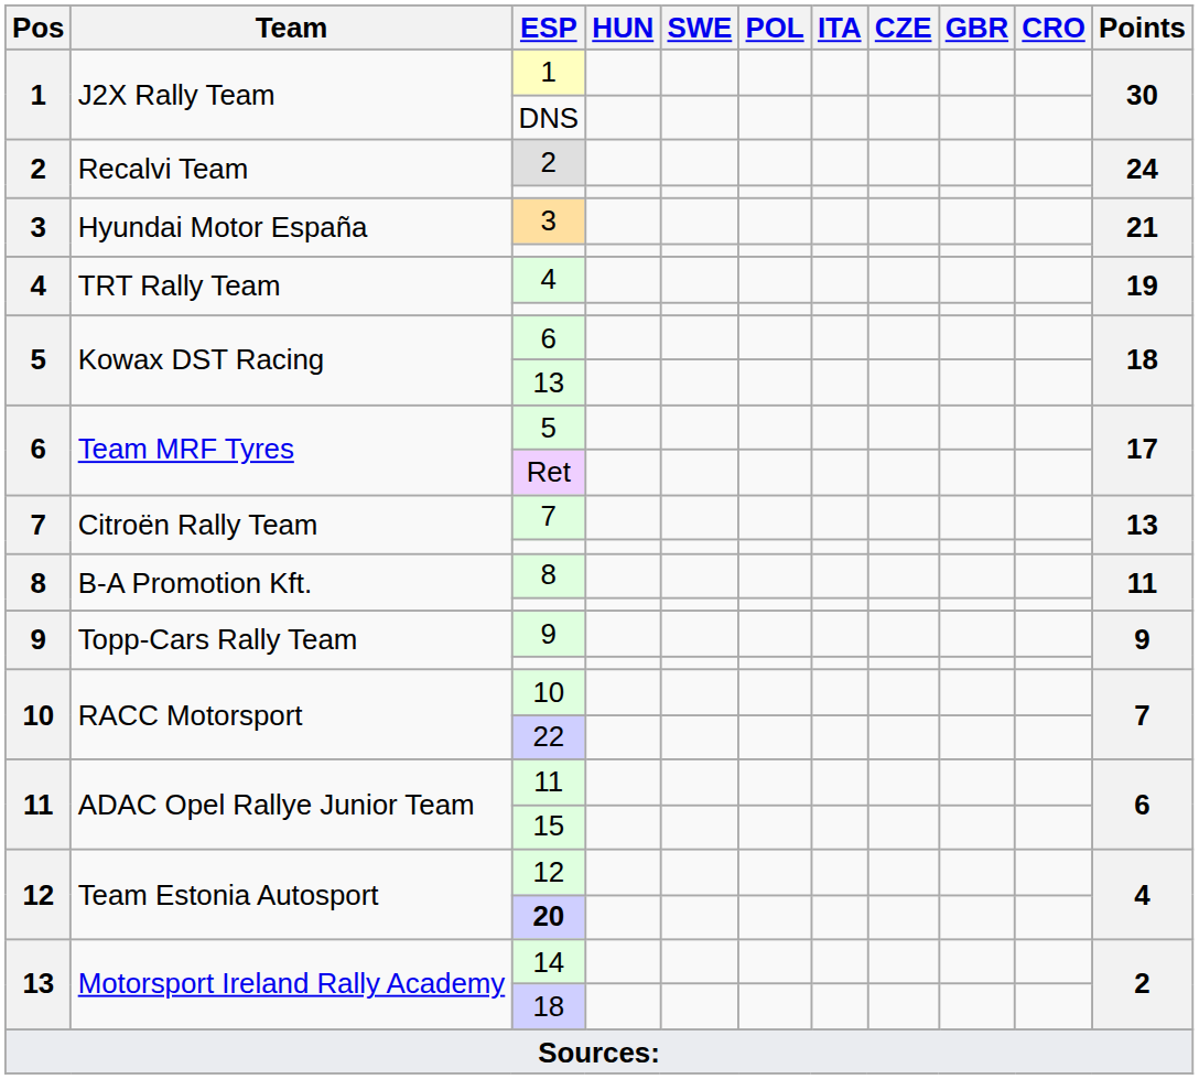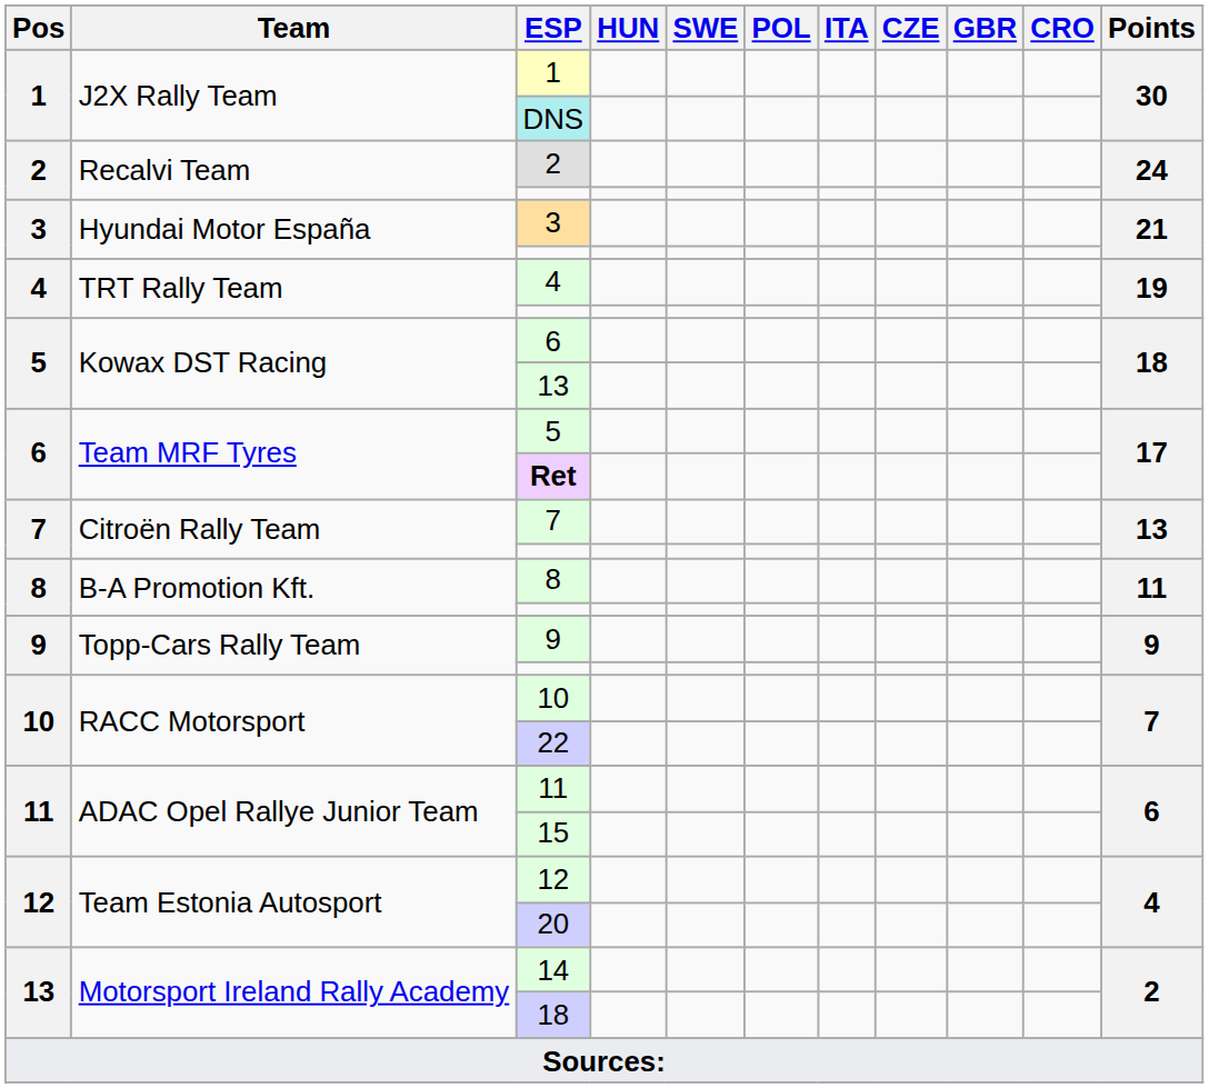 <table class="wikitable" style="font-size: 85%; text-align: center">
 <tr valign="top">
 <th valign="middle">Pos</th>
 <th valign="middle">Team</th>
 <th><a href='#'>ESP</a><br></th>
 <th><a href='#'>HUN</a><br></th>
 <th><a href='#'>SWE</a><br></th>
 <th><a href='#'>POL</a><br></th>
 <th><a href='#'>ITA</a><br></th>
 <th><a href='#'>CZE</a><br></th>
 <th><a href='#'>GBR</a><br></th>
 <th><a href='#'>CRO</a><br></th>
 <th valign="middle">Points</th>
 </tr>
 <tr>
 <th rowspan="2">1</th>
 <td rowspan="2" align="left"> J2X Rally Team</td>
 <td style="background:#FFFFBF;">1</td>
 <td></td>
 <td></td>
 <td></td>
 <td></td>
 <td></td>
 <td></td>
 <td></td>
 <th rowspan="2">30</th>
 </tr>
 <tr>
-<td>DNS</td>
+<td style="background: paleturquoise;">DNS</td>
 <td></td>
 <td></td>
 <td></td>
 <td></td>
 <td></td>
 <td></td>
 <td></td>
 </tr>
 <tr>
 <th rowspan="2">2</th>
 <td rowspan="2" align="left"> Recalvi Team</td>
 <td style="background:#DFDFDF;">2</td>
 <td></td>
 <td></td>
 <td></td>
 <td></td>
 <td></td>
 <td></td>
 <td></td>
 <th rowspan="2">24</th>
 </tr>
 <tr>
 <td></td>
 <td></td>
 <td></td>
 <td></td>
 <td></td>
 <td></td>
 <td></td>
 <td></td>
 </tr>
 <tr>
 <th rowspan="2">3</th>
 <td rowspan="2" align="left"> Hyundai Motor España</td>
 <td style="background:#FFDF9F;">3</td>
 <td></td>
 <td></td>
 <td></td>
 <td></td>
 <td></td>
 <td></td>
 <td></td>
 <th rowspan="2">21</th>
 </tr>
 <tr>
 <td></td>
 <td></td>
 <td></td>
 <td></td>
 <td></td>
 <td></td>
 <td></td>
 <td></td>
 </tr>
 <tr>
 <th rowspan="2">4</th>
 <td rowspan="2" align="left"> TRT Rally Team</td>
 <td style="background:#DFFFDF;">4</td>
 <td></td>
 <td></td>
 <td></td>
 <td></td>
 <td></td>
 <td></td>
 <td></td>
 <th rowspan="2">19</th>
 </tr>
 <tr>
 <td></td>
 <td></td>
 <td></td>
 <td></td>
 <td></td>
 <td></td>
 <td></td>
 <td></td>
 </tr>
 <tr>
 <th rowspan="2">5</th>
 <td rowspan="2" align="left"> Kowax DST Racing</td>
 <td style="background:#DFFFDF;">6</td>
 <td></td>
 <td></td>
 <td></td>
 <td></td>
 <td></td>
 <td></td>
 <td></td>
 <th rowspan="2">18</th>
 </tr>
 <tr>
 <td style="background:#DFFFDF;">13</td>
 <td></td>
 <td></td>
 <td></td>
 <td></td>
 <td></td>
 <td></td>
 <td></td>
 </tr>
 <tr>
 <th rowspan="2">6</th>
 <td rowspan="2" align="left"> <a href='#'>Team MRF Tyres</a></td>
 <td style="background:#DFFFDF;">5</td>
 <td></td>
 <td></td>
 <td></td>
 <td></td>
 <td></td>
 <td></td>
 <td></td>
 <th rowspan="2">17</th>
 </tr>
 <tr>
-<td style="background:#EFCFFF;">Ret</td>
+<td style="background:#EFCFFF;"><strong>Ret</strong></td>
 <td></td>
 <td></td>
 <td></td>
 <td></td>
 <td></td>
 <td></td>
 <td></td>
 </tr>
 <tr>
 <th rowspan="2">7</th>
 <td rowspan="2" align="left"> Citroën Rally Team</td>
 <td style="background:#DFFFDF;">7</td>
 <td></td>
 <td></td>
 <td></td>
 <td></td>
 <td></td>
 <td></td>
 <td></td>
 <th rowspan="2">13</th>
 </tr>
 <tr>
 <td></td>
 <td></td>
 <td></td>
 <td></td>
 <td></td>
 <td></td>
 <td></td>
 <td></td>
 </tr>
 <tr>
 <th rowspan="2">8</th>
 <td rowspan="2" align="left"> B-A Promotion Kft.</td>
 <td style="background:#DFFFDF;">8</td>
 <td></td>
 <td></td>
 <td></td>
 <td></td>
 <td></td>
 <td></td>
 <td></td>
 <th rowspan="2">11</th>
 </tr>
 <tr>
 <td></td>
 <td></td>
 <td></td>
 <td></td>
 <td></td>
 <td></td>
 <td></td>
 <td></td>
 </tr>
 <tr>
 <th rowspan="2">9</th>
 <td rowspan="2" align="left"> Topp-Cars Rally Team</td>
 <td style="background:#DFFFDF;">9</td>
 <td></td>
 <td></td>
 <td></td>
 <td></td>
 <td></td>
 <td></td>
 <td></td>
 <th rowspan="2">9</th>
 </tr>
 <tr>
 <td></td>
 <td></td>
 <td></td>
 <td></td>
 <td></td>
 <td></td>
 <td></td>
 <td></td>
 </tr>
 <tr>
 <th rowspan="2">10</th>
 <td rowspan="2" align="left"> RACC Motorsport</td>
 <td style="background:#DFFFDF;">10</td>
 <td></td>
 <td></td>
 <td></td>
 <td></td>
 <td></td>
 <td></td>
 <td></td>
 <th rowspan="2">7</th>
 </tr>
 <tr>
 <td style="background:#CFCFFF;">22</td>
 <td></td>
 <td></td>
 <td></td>
 <td></td>
 <td></td>
 <td></td>
 <td></td>
 </tr>
 <tr>
 <th rowspan="2">11</th>
 <td rowspan="2" align="left"> ADAC Opel Rallye Junior Team</td>
 <td style="background:#DFFFDF;">11</td>
 <td></td>
 <td></td>
 <td></td>
 <td></td>
 <td></td>
 <td></td>
 <td></td>
 <th rowspan="2">6</th>
 </tr>
 <tr>
 <td style="background:#DFFFDF;">15</td>
 <td></td>
 <td></td>
 <td></td>
 <td></td>
 <td></td>
 <td></td>
 <td></td>
 </tr>
 <tr>
 <th rowspan="2">12</th>
 <td rowspan="2" align="left"> Team Estonia Autosport</td>
 <td style="background:#DFFFDF;">12</td>
 <td></td>
 <td></td>
 <td></td>
 <td></td>
 <td></td>
 <td></td>
 <td></td>
 <th rowspan="2">4</th>
 </tr>
 <tr>
-<td style="background:#CFCFFF;"><strong>20</strong></td>
+<td style="background:#CFCFFF;">20</td>
 <td></td>
 <td></td>
 <td></td>
 <td></td>
 <td></td>
 <td></td>
 <td></td>
 </tr>
 <tr>
 <th rowspan="2">13</th>
 <td rowspan="2" align="left"> <a href='#'>Motorsport Ireland Rally Academy</a></td>
 <td style="background:#DFFFDF;">14</td>
 <td></td>
 <td></td>
 <td></td>
 <td></td>
 <td></td>
 <td></td>
 <td></td>
 <th rowspan="2">2</th>
 </tr>
 <tr>
 <td style="background:#CFCFFF;">18</td>
 <td></td>
 <td></td>
 <td></td>
 <td></td>
 <td></td>
 <td></td>
 <td></td>
 </tr>
 <tr>
 <td colspan="11" style="background-color:#EAECF0;text-align:center"><strong>Sources:</strong></td>
 </tr>
 </table>
